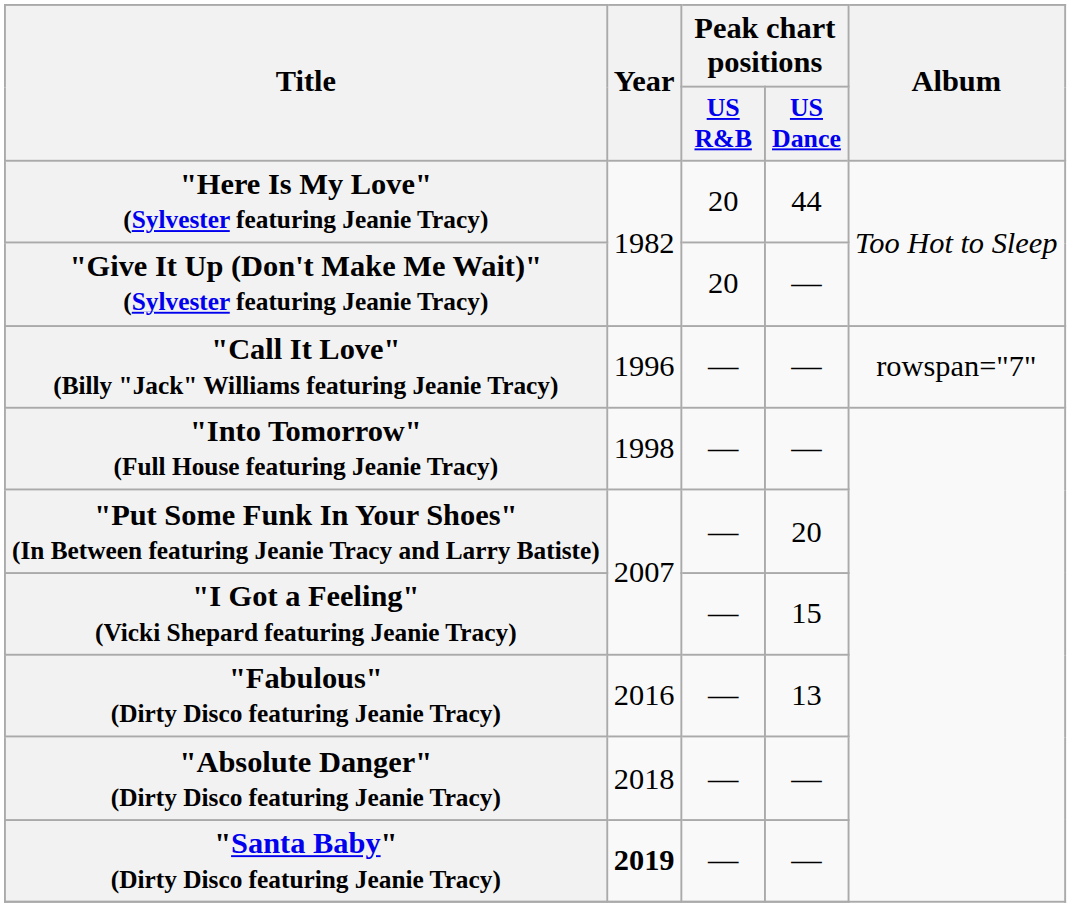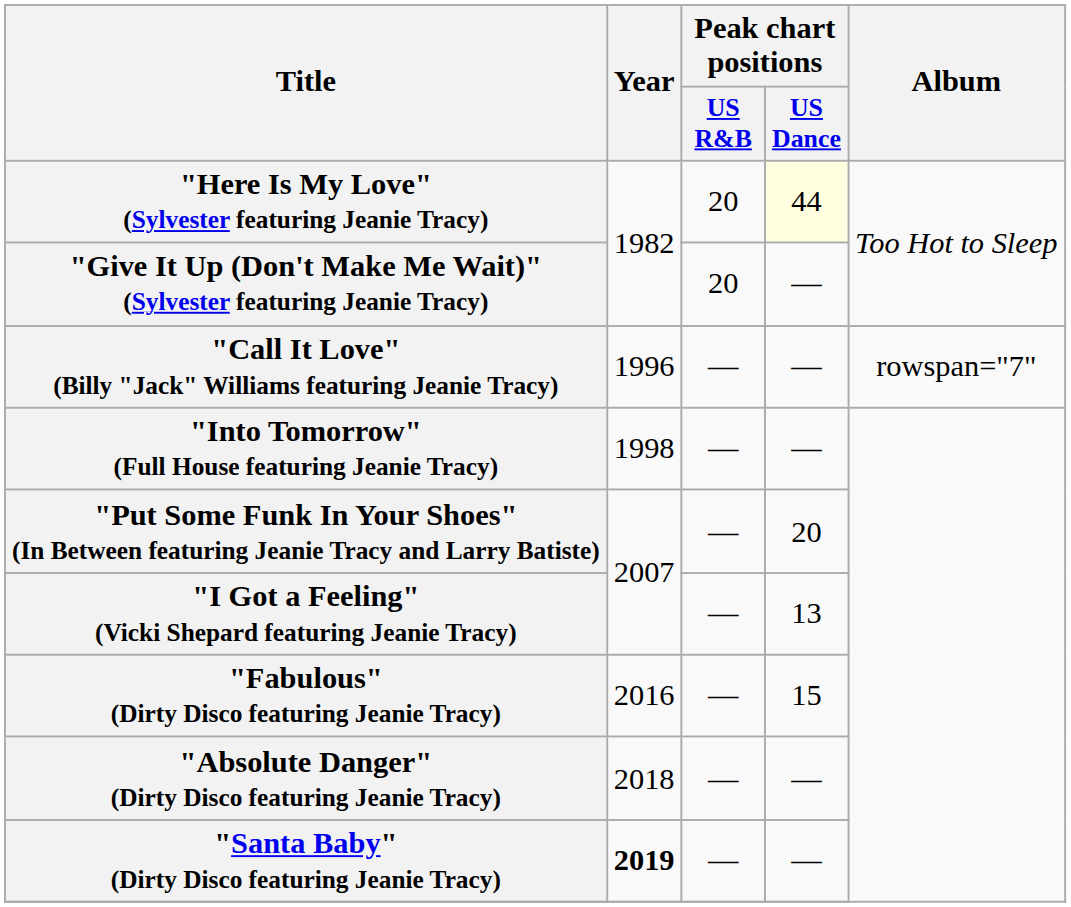 <table class="wikitable plainrowheaders" style="text-align: center;" border="1">
 <tr>
 <th rowspan="2">Title</th>
 <th rowspan="2">Year</th>
 <th colspan="2">Peak chart positions</th>
 <th rowspan="2">Album</th>
 </tr>
 <tr>
 <th scope="col" style="width:2.75em;font-size:85%;"><a href='#'>US R&B</a><br></th>
 <th scope="col" style="width:2.75em;font-size:85%;"><a href='#'>US Dance</a><br></th>
 </tr>
 <tr>
 <th scope="row">"Here Is My Love"<br><small>(<a href='#'>Sylvester</a> featuring Jeanie Tracy)</small></th>
 <td rowspan="2">1982</td>
 <td>20</td>
-<td>44</td>
+<td style="background: lightyellow;">44</td>
 <td rowspan="2"><em>Too Hot to Sleep</em></td>
 </tr>
 <tr>
 <th scope="row">"Give It Up (Don't Make Me Wait)"<br><small>(<a href='#'>Sylvester</a> featuring Jeanie Tracy)</small></th>
 <td>20</td>
 <td>—</td>
 </tr>
 <tr>
 <th scope="row">"Call It Love"<br><small>(Billy "Jack" Williams featuring Jeanie Tracy)</small></th>
 <td rowspan="1">1996</td>
 <td>—</td>
 <td>—</td>
 <td>rowspan="7" </td>
 </tr>
 <tr>
 <th scope="row">"Into Tomorrow"<br><small>(Full House featuring Jeanie Tracy)</small></th>
 <td rowspan="1">1998</td>
 <td>—</td>
 <td>—</td>
 </tr>
 <tr>
 <th scope="row">"Put Some Funk In Your Shoes"<br><small>(In Between featuring Jeanie Tracy and Larry Batiste)</small></th>
 <td rowspan="2">2007</td>
 <td>—</td>
 <td>20</td>
 </tr>
 <tr>
 <th scope="row">"I Got a Feeling"<br><small>(Vicki Shepard featuring Jeanie Tracy)</small></th>
 <td>—</td>
-<td>15</td>
+<td>13</td>
 </tr>
 <tr>
 <th scope="row">"Fabulous"<br><small>(Dirty Disco featuring Jeanie Tracy)</small></th>
 <td rowspan="1">2016</td>
 <td>—</td>
-<td>13</td>
+<td>15</td>
 </tr>
 <tr>
 <th scope="row">"Absolute Danger"<br><small>(Dirty Disco featuring Jeanie Tracy)</small></th>
 <td rowspan="1">2018</td>
 <td>—</td>
 <td>—</td>
 </tr>
 <tr>
 <th scope="row">"<a href='#'>Santa Baby</a>"<br><small>(Dirty Disco featuring Jeanie Tracy)</small></th>
 <td rowspan="1"><strong>2019</strong></td>
 <td>—</td>
 <td>—</td>
 </tr>
 <tr>
 </tr>
 </table>
